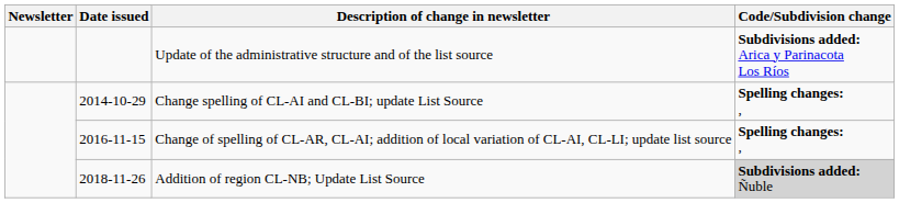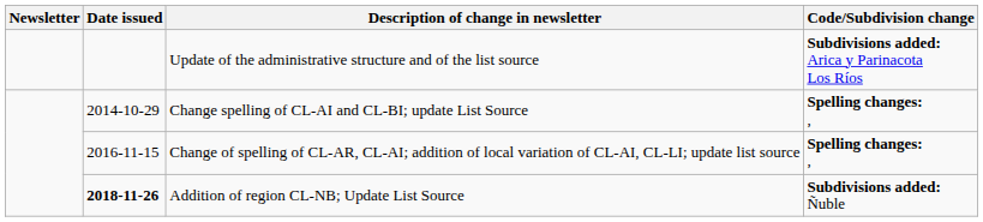 <table class="wikitable">
 <tr>
 <th>Newsletter</th>
 <th>Date issued</th>
 <th>Description of change in newsletter</th>
 <th>Code/Subdivision change</th>
 </tr>
 <tr>
 <td id="II-2"></td>
 <td></td>
 <td>Update of the administrative structure and of the list source</td>
 <td style=white-space:nowrap><strong>Subdivisions added:</strong><br>  <a href='#'>Arica y Parinacota</a><br>  <a href='#'>Los Ríos</a></td>
 </tr>
 <tr>
 <td rowspan="3"></td>
 <td>2014-10-29</td>
 <td>Change spelling of CL-AI and CL-BI; update List Source</td>
 <td><strong>Spelling changes:</strong><br>, </td>
 </tr>
 <tr>
 <td>2016-11-15</td>
 <td>Change of spelling of CL-AR, CL-AI; addition of local variation of CL-AI, CL-LI; update list source</td>
 <td><strong>Spelling changes:</strong><br>, </td>
 </tr>
 <tr>
-<td>2018-11-26</td>
+<td><strong>2018-11-26</strong></td>
 <td>Addition of region CL-NB; Update List Source</td>
-<td style="background: lightgrey;"><strong>Subdivisions added:</strong><br> Ñuble</td>
+<td><strong>Subdivisions added:</strong><br> Ñuble</td>
 </tr>
 </table>
